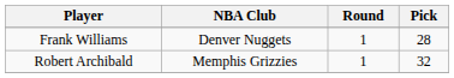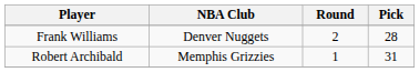 <table class="wikitable" width="500">
 <tr>
 <th>Player</th>
 <th>NBA Club</th>
 <th>Round</th>
 <th>Pick</th>
 </tr>
 <tr>
 </tr>
 <tr align="center" bgcolor="">
 <td>Frank Williams</td>
 <td>Denver Nuggets</td>
-<td>1</td>
+<td>2</td>
 <td>28</td>
 </tr>
 <tr align="center" bgcolor="">
 <td>Robert Archibald</td>
 <td>Memphis Grizzies</td>
 <td>1</td>
-<td>32</td>
+<td>31</td>
 </tr>
 <tr align="center" bgcolor="">
 </tr>
 </table>
